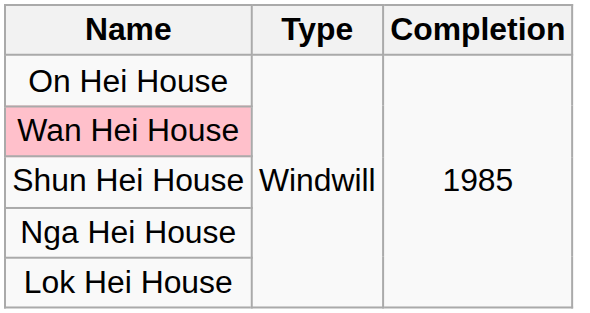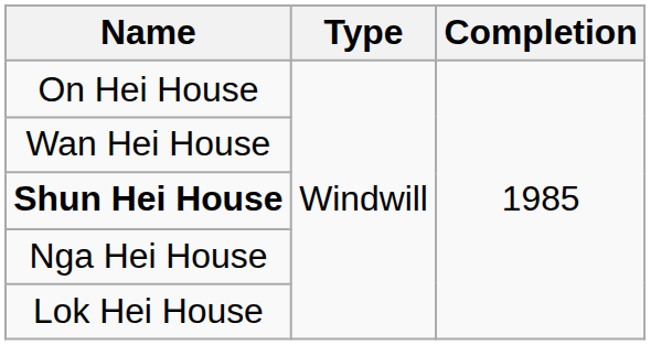 <table class="wikitable" style="text-align: center">
 <tr>
 <th>Name</th>
 <th>Type</th>
 <th>Completion</th>
 </tr>
 <tr>
 <td>On Hei House</td>
 <td rowspan="5">Windwill</td>
 <td rowspan="5">1985</td>
 </tr>
 <tr>
-<td style="background: pink;">Wan Hei House</td>
+<td>Wan Hei House</td>
 </tr>
 <tr>
-<td>Shun Hei House</td>
+<td><strong>Shun Hei House</strong></td>
 </tr>
 <tr>
 <td>Nga Hei House</td>
 </tr>
 <tr>
 <td>Lok Hei House</td>
 </tr>
 </table>
